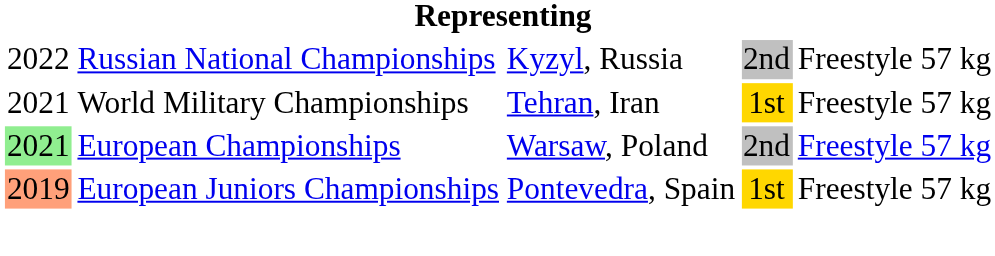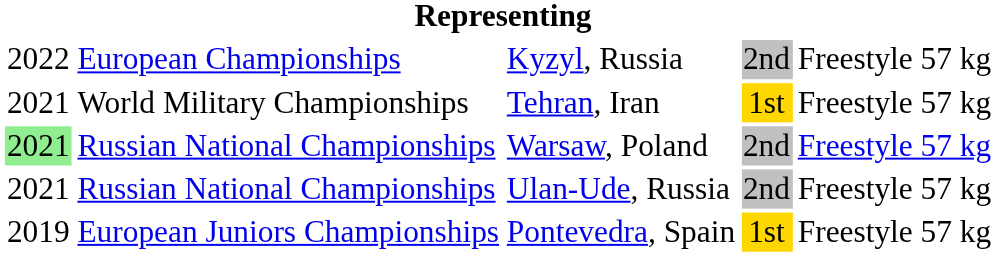 <table>
 <tr>
 <th colspan="6">Representing </th>
 </tr>
 <tr>
 <td>2022</td>
-<td><a href='#'>Russian National Championships</a></td>
+<td><a href='#'>European Championships</a></td>
 <td><a href='#'>Kyzyl</a>, Russia</td>
 <td align="center" bgcolor="silver">2nd</td>
 <td>Freestyle 57 kg</td>
 <td></td>
 </tr>
 <tr>
 <td>2021</td>
 <td 2021>World Military Championships</td>
 <td><a href='#'>Tehran</a>, Iran</td>
 <td align="center" bgcolor="Gold">1st</td>
 <td>Freestyle 57 kg</td>
 <td></td>
 </tr>
 <tr>
 <td style="background: lightgreen;">2021</td>
-<td><a href='#'>European Championships</a></td>
+<td><a href='#'>Russian National Championships</a></td>
 <td><a href='#'>Warsaw</a>, Poland</td>
 <td align="center" bgcolor="silver">2nd</td>
 <td><a href='#'>Freestyle 57 kg</a></td>
 <td></td>
 </tr>
 <tr>
-<td style="background: lightsalmon;">2019</td>
+<td>2021</td>
+<td><a href='#'>Russian National Championships</a></td>
+<td><a href='#'>Ulan-Ude</a>, Russia</td>
+<td align="center" bgcolor="silver">2nd</td>
+<td>Freestyle 57 kg</td>
+<td></td>
+</tr>
+<tr>
+<td>2019</td>
 <td><a href='#'>European Juniors Championships</a></td>
 <td><a href='#'>Pontevedra</a>, Spain</td>
 <td align="center" bgcolor="Gold">1st</td>
 <td>Freestyle 57 kg</td>
 <td></td>
 </tr>
 </table>
